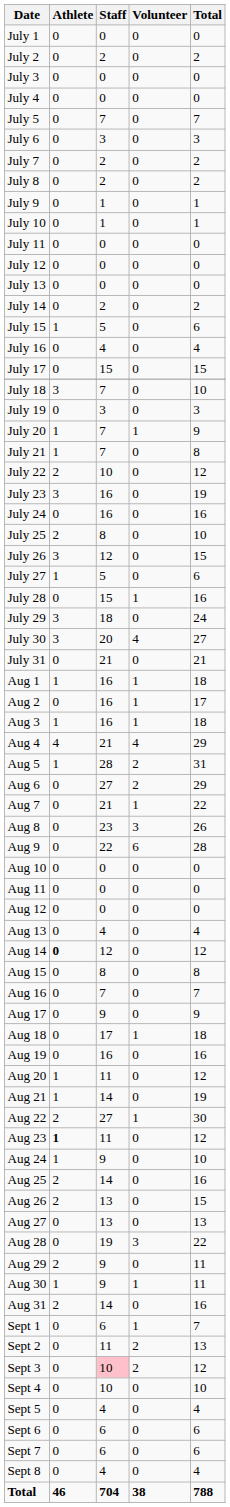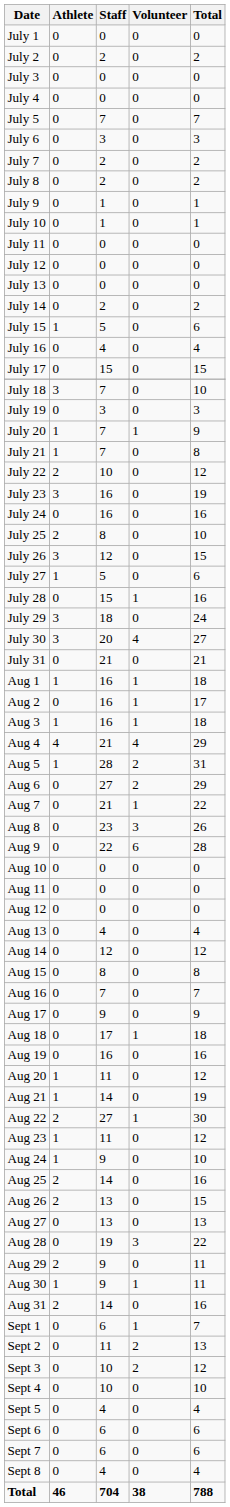 <table class="wikitable sortable">
 <tr>
 <th>Date</th>
 <th>Athlete</th>
 <th>Staff</th>
 <th>Volunteer</th>
 <th>Total</th>
 </tr>
 <tr>
 <td>July 1</td>
 <td>0</td>
 <td>0</td>
 <td>0</td>
 <td>0</td>
 </tr>
 <tr>
 <td>July 2</td>
 <td>0</td>
 <td>2</td>
 <td>0</td>
 <td>2</td>
 </tr>
 <tr>
 <td>July 3</td>
 <td>0</td>
 <td>0</td>
 <td>0</td>
 <td>0</td>
 </tr>
 <tr>
 <td>July 4</td>
 <td>0</td>
 <td>0</td>
 <td>0</td>
 <td>0</td>
 </tr>
 <tr>
 <td>July 5</td>
 <td>0</td>
 <td>7</td>
 <td>0</td>
 <td>7</td>
 </tr>
 <tr>
 <td>July 6</td>
 <td>0</td>
 <td>3</td>
 <td>0</td>
 <td>3</td>
 </tr>
 <tr>
 <td>July 7</td>
 <td>0</td>
 <td>2</td>
 <td>0</td>
 <td>2</td>
 </tr>
 <tr>
 <td>July 8</td>
 <td>0</td>
 <td>2</td>
 <td>0</td>
 <td>2</td>
 </tr>
 <tr>
 <td>July 9</td>
 <td>0</td>
 <td>1</td>
 <td>0</td>
 <td>1</td>
 </tr>
 <tr>
 <td>July 10</td>
 <td>0</td>
 <td>1</td>
 <td>0</td>
 <td>1</td>
 </tr>
 <tr>
 <td>July 11</td>
 <td>0</td>
 <td>0</td>
 <td>0</td>
 <td>0</td>
 </tr>
 <tr>
 <td>July 12</td>
 <td>0</td>
 <td>0</td>
 <td>0</td>
 <td>0</td>
 </tr>
 <tr>
 <td>July 13</td>
 <td>0</td>
 <td>0</td>
 <td>0</td>
 <td>0</td>
 </tr>
 <tr>
 <td>July 14</td>
 <td>0</td>
 <td>2</td>
 <td>0</td>
 <td>2</td>
 </tr>
 <tr>
 <td>July 15</td>
 <td>1</td>
 <td>5</td>
 <td>0</td>
 <td>6</td>
 </tr>
 <tr>
 <td>July 16</td>
 <td>0</td>
 <td>4</td>
 <td>0</td>
 <td>4</td>
 </tr>
 <tr>
 <td>July 17</td>
 <td>0</td>
 <td>15</td>
 <td>0</td>
 <td>15</td>
 </tr>
 <tr>
 </tr>
 <tr>
 <td>July 18</td>
 <td>3</td>
 <td>7</td>
 <td>0</td>
 <td>10</td>
 </tr>
 <tr>
 <td>July 19</td>
 <td>0</td>
 <td>3</td>
 <td>0</td>
 <td>3</td>
 </tr>
 <tr>
 <td>July 20</td>
 <td>1</td>
 <td>7</td>
 <td>1</td>
 <td>9</td>
 </tr>
 <tr>
 <td>July 21</td>
 <td>1</td>
 <td>7</td>
 <td>0</td>
 <td>8</td>
 </tr>
 <tr>
 <td>July 22</td>
 <td>2</td>
 <td>10</td>
 <td>0</td>
 <td>12</td>
 </tr>
 <tr>
 <td>July 23</td>
 <td>3</td>
 <td>16</td>
 <td>0</td>
 <td>19</td>
 </tr>
 <tr>
 <td>July 24</td>
 <td>0</td>
 <td>16</td>
 <td>0</td>
 <td>16</td>
 </tr>
 <tr>
 <td>July 25</td>
 <td>2</td>
 <td>8</td>
 <td>0</td>
 <td>10</td>
 </tr>
 <tr>
 <td>July 26</td>
 <td>3</td>
 <td>12</td>
 <td>0</td>
 <td>15</td>
 </tr>
 <tr>
 <td>July 27</td>
 <td>1</td>
 <td>5</td>
 <td>0</td>
 <td>6</td>
 </tr>
 <tr>
 <td>July 28</td>
 <td>0</td>
 <td>15</td>
 <td>1</td>
 <td>16</td>
 </tr>
 <tr>
 <td>July 29</td>
 <td>3</td>
 <td>18</td>
 <td>0</td>
 <td>24</td>
 </tr>
 <tr>
 <td>July 30</td>
 <td>3</td>
 <td>20</td>
 <td>4</td>
 <td>27</td>
 </tr>
 <tr>
 <td>July 31</td>
 <td>0</td>
 <td>21</td>
 <td>0</td>
 <td>21</td>
 </tr>
 <tr>
 <td>Aug 1</td>
 <td>1</td>
 <td>16</td>
 <td>1</td>
 <td>18</td>
 </tr>
 <tr>
 <td>Aug 2</td>
 <td>0</td>
 <td>16</td>
 <td>1</td>
 <td>17</td>
 </tr>
 <tr>
 <td>Aug 3</td>
 <td>1</td>
 <td>16</td>
 <td>1</td>
 <td>18</td>
 </tr>
 <tr>
 <td>Aug 4</td>
 <td>4</td>
 <td>21</td>
 <td>4</td>
 <td>29</td>
 </tr>
 <tr>
 <td>Aug 5</td>
 <td>1</td>
 <td>28</td>
 <td>2</td>
 <td>31</td>
 </tr>
 <tr>
 <td>Aug 6</td>
 <td>0</td>
 <td>27</td>
 <td>2</td>
 <td>29</td>
 </tr>
 <tr>
 <td>Aug 7</td>
 <td>0</td>
 <td>21</td>
 <td>1</td>
 <td>22</td>
 </tr>
 <tr>
 <td>Aug 8</td>
 <td>0</td>
 <td>23</td>
 <td>3</td>
 <td>26</td>
 </tr>
 <tr>
 <td>Aug 9</td>
 <td>0</td>
 <td>22</td>
 <td>6</td>
 <td>28</td>
 </tr>
 <tr>
 <td>Aug 10</td>
 <td>0</td>
 <td>0</td>
 <td>0</td>
 <td>0</td>
 </tr>
 <tr>
 <td>Aug 11</td>
 <td>0</td>
 <td>0</td>
 <td>0</td>
 <td>0</td>
 </tr>
 <tr>
 <td>Aug 12</td>
 <td>0</td>
 <td>0</td>
 <td>0</td>
 <td>0</td>
 </tr>
 <tr>
 <td>Aug 13</td>
 <td>0</td>
 <td>4</td>
 <td>0</td>
 <td>4</td>
 </tr>
 <tr>
 <td>Aug 14</td>
-<td><strong>0</strong></td>
+<td>0</td>
 <td>12</td>
 <td>0</td>
 <td>12</td>
 </tr>
 <tr>
 <td>Aug 15</td>
 <td>0</td>
 <td>8</td>
 <td>0</td>
 <td>8</td>
 </tr>
 <tr>
 <td>Aug 16</td>
 <td>0</td>
 <td>7</td>
 <td>0</td>
 <td>7</td>
 </tr>
 <tr>
 <td>Aug 17</td>
 <td>0</td>
 <td>9</td>
 <td>0</td>
 <td>9</td>
 </tr>
 <tr>
 <td>Aug 18</td>
 <td>0</td>
 <td>17</td>
 <td>1</td>
 <td>18</td>
 </tr>
 <tr>
 <td>Aug 19</td>
 <td>0</td>
 <td>16</td>
 <td>0</td>
 <td>16</td>
 </tr>
 <tr>
 <td>Aug 20</td>
 <td>1</td>
 <td>11</td>
 <td>0</td>
 <td>12</td>
 </tr>
 <tr>
 <td>Aug 21</td>
 <td>1</td>
 <td>14</td>
 <td>0</td>
 <td>19</td>
 </tr>
 <tr>
 <td>Aug 22</td>
 <td>2</td>
 <td>27</td>
 <td>1</td>
 <td>30</td>
 </tr>
 <tr>
 <td>Aug 23</td>
-<td><strong>1</strong></td>
+<td>1</td>
 <td>11</td>
 <td>0</td>
 <td>12</td>
 </tr>
 <tr>
 <td>Aug 24</td>
 <td>1</td>
 <td>9</td>
 <td>0</td>
 <td>10</td>
 </tr>
 <tr>
 <td>Aug 25</td>
 <td>2</td>
 <td>14</td>
 <td>0</td>
 <td>16</td>
 </tr>
 <tr>
 <td>Aug 26</td>
 <td>2</td>
 <td>13</td>
 <td>0</td>
 <td>15</td>
 </tr>
 <tr>
 <td>Aug 27</td>
 <td>0</td>
 <td>13</td>
 <td>0</td>
 <td>13</td>
 </tr>
 <tr>
 <td>Aug 28</td>
 <td>0</td>
 <td>19</td>
 <td>3</td>
 <td>22</td>
 </tr>
 <tr>
 <td>Aug 29</td>
 <td>2</td>
 <td>9</td>
 <td>0</td>
 <td>11</td>
 </tr>
 <tr>
 <td>Aug 30</td>
 <td>1</td>
 <td>9</td>
 <td>1</td>
 <td>11</td>
 </tr>
 <tr>
 <td>Aug 31</td>
 <td>2</td>
 <td>14</td>
 <td>0</td>
 <td>16</td>
 </tr>
 <tr>
 <td>Sept 1</td>
 <td>0</td>
 <td>6</td>
 <td>1</td>
 <td>7</td>
 </tr>
 <tr>
 <td>Sept 2</td>
 <td>0</td>
 <td>11</td>
 <td>2</td>
 <td>13</td>
 </tr>
 <tr>
 <td>Sept 3</td>
 <td>0</td>
-<td style="background: pink;">10</td>
+<td>10</td>
 <td>2</td>
 <td>12</td>
 </tr>
 <tr>
 <td>Sept 4</td>
 <td>0</td>
 <td>10</td>
 <td>0</td>
 <td>10</td>
 </tr>
 <tr>
 <td>Sept 5</td>
 <td>0</td>
 <td>4</td>
 <td>0</td>
 <td>4</td>
 </tr>
 <tr>
 <td>Sept 6</td>
 <td>0</td>
 <td>6</td>
 <td>0</td>
 <td>6</td>
 </tr>
 <tr>
 <td>Sept 7</td>
 <td>0</td>
 <td>6</td>
 <td>0</td>
 <td>6</td>
 </tr>
 <tr>
 <td>Sept 8</td>
 <td>0</td>
 <td>4</td>
 <td>0</td>
 <td>4</td>
 </tr>
 <tr>
 <td><strong>Total</strong></td>
 <td><strong>46</strong></td>
 <td><strong>704</strong></td>
 <td><strong>38</strong></td>
 <td><strong>788</strong></td>
 </tr>
 </table>
